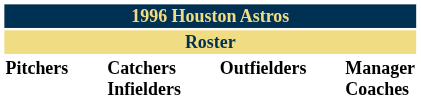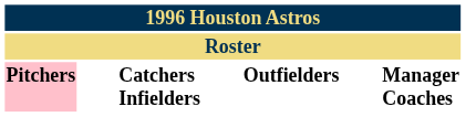 <table class="toccolours" style="font-size: 95%;">
 <tr>
 <th colspan="10" style="background:#003153; color:#F0DC82; text-align:center;">1996 Houston Astros</th>
 </tr>
 <tr>
 <td colspan="10" style="background:#F0DC82; color:#003153; text-align:center;"><strong>Roster</strong></td>
 </tr>
 <tr>
-<td valign="top"><strong>Pitchers</strong><br>                     </td>
+<td valign="top" style="background: pink;"><strong>Pitchers</strong><br>                     </td>
 <td style="width:25px;"></td>
 <td valign="top"><strong>Catchers</strong><br>     <strong>Infielders</strong>        </td>
 <td style="width:25px;"></td>
 <td valign="top"><strong>Outfielders</strong><br>       </td>
 <td style="width:25px;"></td>
 <td valign="top"><strong>Manager</strong><br> <strong>Coaches</strong>     </td>
 </tr>
 </table>
